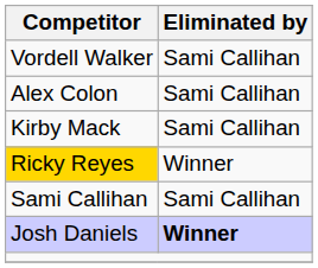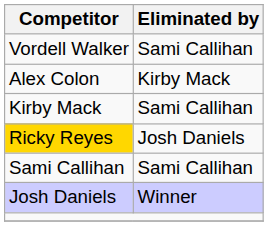 <table class="wikitable">
 <tr>
 <th>Competitor</th>
 <th>Eliminated by</th>
 </tr>
 <tr>
 <td>Vordell Walker</td>
 <td>Sami Callihan</td>
 </tr>
 <tr>
 <td>Alex Colon</td>
-<td>Sami Callihan</td>
+<td>Kirby Mack</td>
 </tr>
 <tr>
 <td>Kirby Mack</td>
 <td>Sami Callihan</td>
 </tr>
 <tr>
 <td style="background: gold;">Ricky Reyes</td>
-<td>Winner</td>
+<td>Josh Daniels</td>
 </tr>
 <tr>
 <td>Sami Callihan</td>
 <td>Sami Callihan</td>
 </tr>
 <tr style="background: #CCCCFF;">
 <td>Josh Daniels</td>
-<td><strong>Winner</strong></td>
+<td>Winner</td>
 </tr>
 <tr>
 <td colspan="2"></td>
 </tr>
 <tr>
 </tr>
 </table>
